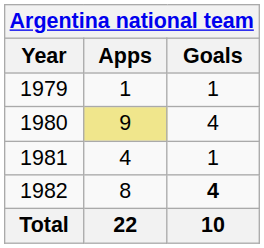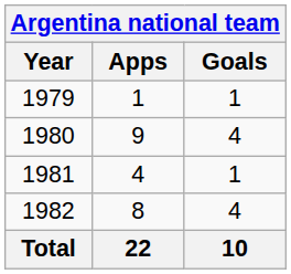 <table class="wikitable" style="text-align:center">
 <tr>
 <th colspan=3><a href='#'>Argentina national team</a></th>
 </tr>
 <tr>
 <th>Year</th>
 <th>Apps</th>
 <th>Goals</th>
 </tr>
 <tr>
 <td>1979</td>
 <td>1</td>
 <td>1</td>
 </tr>
 <tr>
 <td>1980</td>
-<td style="background: khaki;">9</td>
+<td>9</td>
 <td>4</td>
 </tr>
 <tr>
 <td>1981</td>
 <td>4</td>
 <td>1</td>
 </tr>
 <tr>
 <td>1982</td>
 <td>8</td>
-<td><strong>4</strong></td>
+<td>4</td>
 </tr>
 <tr>
 <th>Total</th>
 <th>22</th>
 <th>10</th>
 </tr>
 </table>
